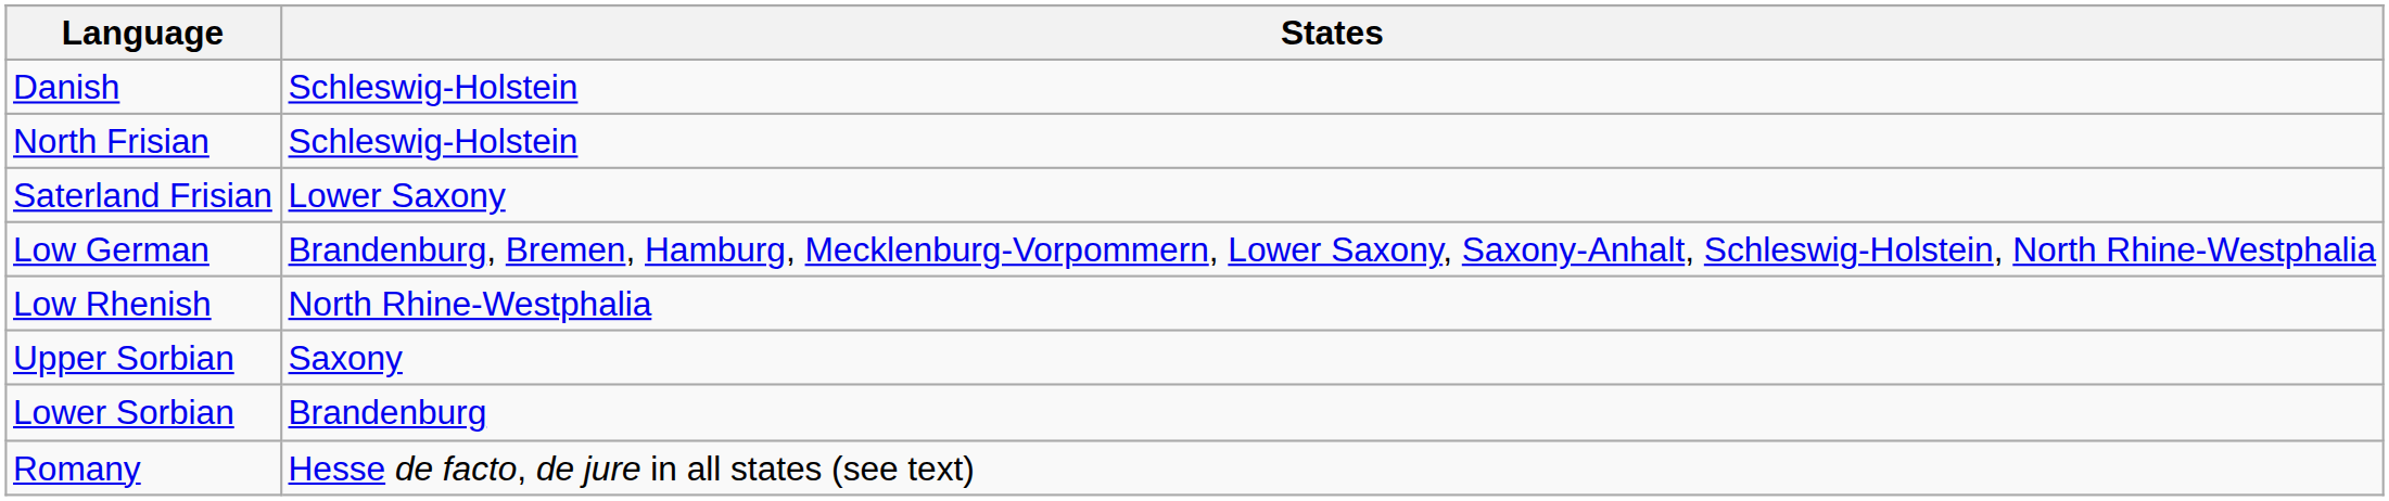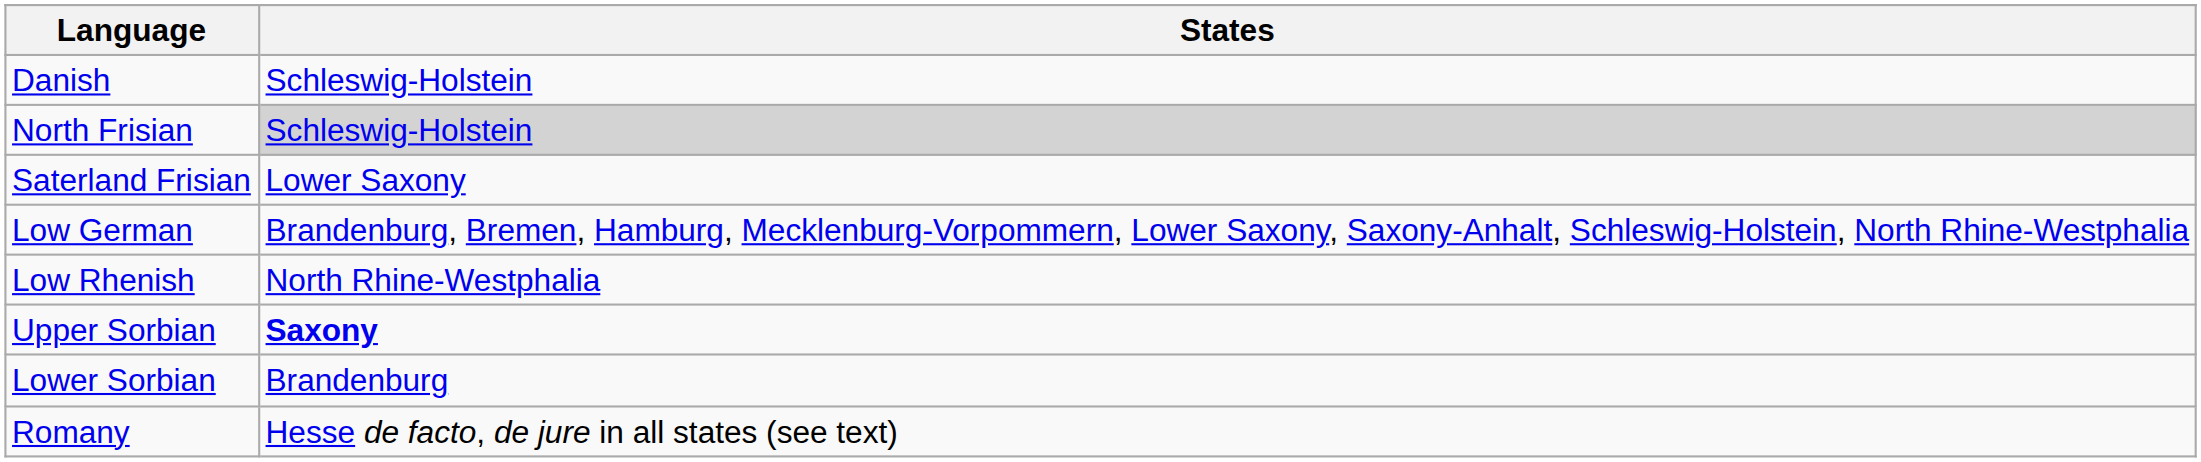 <table class="wikitable" style="margin: 0.5em auto; font-size:95%;">
 <tr style="text-align: center;">
 </tr>
 <tr>
 <th>Language</th>
 <th>States</th>
 </tr>
 <tr>
 <td><a href='#'>Danish</a></td>
 <td><a href='#'>Schleswig-Holstein</a></td>
 </tr>
 <tr>
 <td><a href='#'>North Frisian</a></td>
-<td><a href='#'>Schleswig-Holstein</a></td>
+<td style="background: lightgrey;"><a href='#'>Schleswig-Holstein</a></td>
 </tr>
 <tr>
 <td><a href='#'>Saterland Frisian</a></td>
 <td><a href='#'>Lower Saxony</a></td>
 </tr>
 <tr>
 <td><a href='#'>Low German</a></td>
 <td><a href='#'>Brandenburg</a>, <a href='#'>Bremen</a>, <a href='#'>Hamburg</a>, <a href='#'>Mecklenburg-Vorpommern</a>, <a href='#'>Lower Saxony</a>, <a href='#'>Saxony-Anhalt</a>, <a href='#'>Schleswig-Holstein</a>, <a href='#'>North Rhine-Westphalia</a></td>
 </tr>
 <tr>
 <td><a href='#'>Low Rhenish</a></td>
 <td><a href='#'>North Rhine-Westphalia</a></td>
 </tr>
 <tr>
 <td><a href='#'>Upper Sorbian</a></td>
-<td><a href='#'>Saxony</a></td>
+<td><strong><a href='#'>Saxony</a></strong></td>
 </tr>
 <tr>
 <td><a href='#'>Lower Sorbian</a></td>
 <td><a href='#'>Brandenburg</a></td>
 </tr>
 <tr>
 <td><a href='#'>Romany</a></td>
 <td><a href='#'>Hesse</a> <em>de facto</em>, <em>de jure</em> in all states (see text)</td>
 </tr>
 </table>
